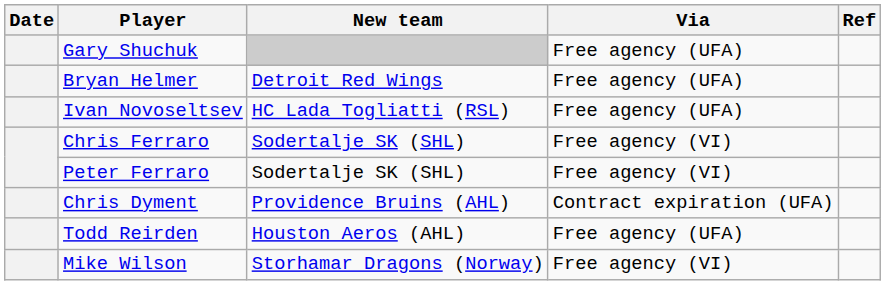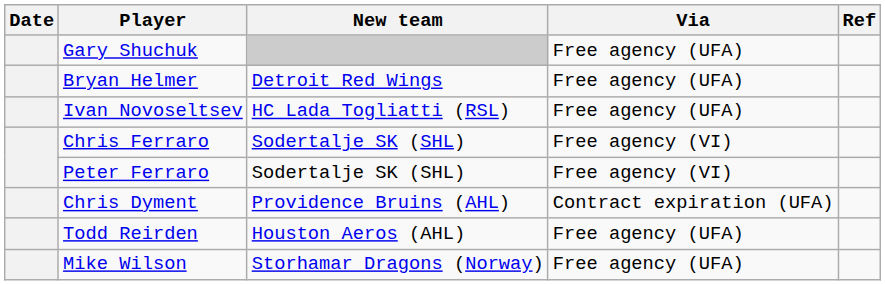 <table class="wikitable plainrowheaders">
 <tr style="background:#ddd; text-align:center;">
 <th>Date</th>
 <th>Player</th>
 <th>New team</th>
 <th>Via</th>
 <th>Ref</th>
 </tr>
 <tr>
 <th scope="row"></th>
 <td><a href='#'>Gary Shuchuk</a></td>
 <td style="background:#ccc"></td>
 <td>Free agency (UFA)</td>
 <td></td>
 </tr>
 <tr>
 <th scope="row"></th>
 <td><a href='#'>Bryan Helmer</a></td>
 <td><a href='#'>Detroit Red Wings</a></td>
 <td>Free agency (UFA)</td>
 <td></td>
 </tr>
 <tr>
 <th scope="row"></th>
 <td><a href='#'>Ivan Novoseltsev</a></td>
 <td><a href='#'>HC Lada Togliatti</a> (<a href='#'>RSL</a>)</td>
 <td>Free agency (UFA)</td>
 <td></td>
 </tr>
 <tr>
 <th scope="row" rowspan=2></th>
 <td><a href='#'>Chris Ferraro</a></td>
 <td><a href='#'>Sodertalje SK</a> (<a href='#'>SHL</a>)</td>
 <td>Free agency (VI)</td>
 <td></td>
 </tr>
 <tr>
 <td><a href='#'>Peter Ferraro</a></td>
 <td>Sodertalje SK (SHL)</td>
 <td>Free agency (VI)</td>
 <td></td>
 </tr>
 <tr>
 <th scope="row"></th>
 <td><a href='#'>Chris Dyment</a></td>
 <td><a href='#'>Providence Bruins</a> (<a href='#'>AHL</a>)</td>
 <td>Contract expiration (UFA)</td>
 <td></td>
 </tr>
 <tr>
 <th scope="row"></th>
 <td><a href='#'>Todd Reirden</a></td>
 <td><a href='#'>Houston Aeros</a> (AHL)</td>
 <td>Free agency (UFA)</td>
 <td></td>
 </tr>
 <tr>
 <th scope="row"></th>
 <td><a href='#'>Mike Wilson</a></td>
 <td><a href='#'>Storhamar Dragons</a> (<a href='#'>Norway</a>)</td>
-<td>Free agency (VI)</td>
+<td>Free agency (UFA)</td>
 <td></td>
 </tr>
 </table>
